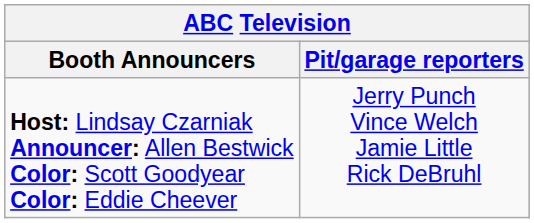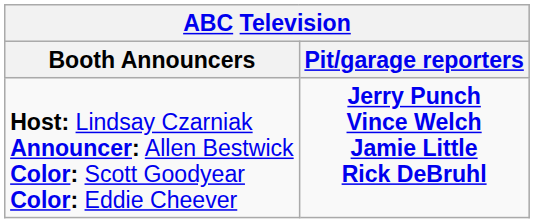 <table class="wikitable" style="font-size: 95%;">
 <tr>
 <th colspan=2><a href='#'>ABC</a> <a href='#'>Television</a></th>
 </tr>
 <tr>
 <th>Booth Announcers</th>
 <th><a href='#'>Pit/garage reporters</a></th>
 </tr>
 <tr>
 <td valign="top"><br><strong>Host:</strong> <a href='#'>Lindsay Czarniak</a><br> <strong><a href='#'>Announcer</a>:</strong> <a href='#'>Allen Bestwick</a><br> <strong><a href='#'>Color</a>:</strong> <a href='#'>Scott Goodyear</a><br> <strong><a href='#'>Color</a>:</strong> <a href='#'>Eddie Cheever</a></td>
-<td align="center" valign="top"><a href='#'>Jerry Punch</a><br><a href='#'>Vince Welch</a><br><a href='#'>Jamie Little</a><br><a href='#'>Rick DeBruhl</a></td>
+<td align="center" valign="top"><strong><a href='#'>Jerry Punch</a><br><a href='#'>Vince Welch</a><br><a href='#'>Jamie Little</a><br><a href='#'>Rick DeBruhl</a></strong></td>
 </tr>
 </table>
